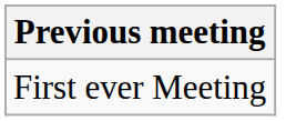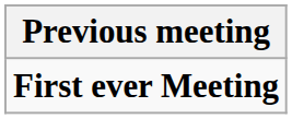 <table class="wikitable">
 <tr>
 <th>Previous meeting</th>
 </tr>
 <tr>
-<td>First ever Meeting</td>
+<td><strong>First ever Meeting</strong></td>
 </tr>
 </table>
